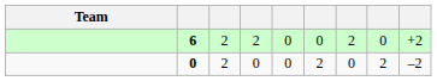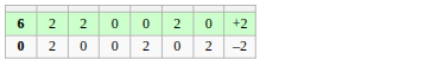 <table class="wikitable" style="text-align: center; font-size: 90%;">
 <tr>
-<th width="165">Team</th>
 <th width="25"></th>
 <th width="25"></th>
 <th width="25"></th>
 <th width="25"></th>
 <th width="25"></th>
 <th width="25"></th>
 <th width="25"></th>
 <th width="25"></th>
 </tr>
 <tr bgcolor=#ccffcc>
-<td align=left></td>
 <td><strong>6</strong></td>
 <td>2</td>
 <td>2</td>
 <td>0</td>
 <td>0</td>
 <td>2</td>
 <td>0</td>
 <td>+2</td>
 </tr>
 <tr>
-<td align=left></td>
 <td><strong>0</strong></td>
 <td>2</td>
 <td>0</td>
 <td>0</td>
 <td>2</td>
 <td>0</td>
 <td>2</td>
 <td>–2</td>
 </tr>
 </table>
